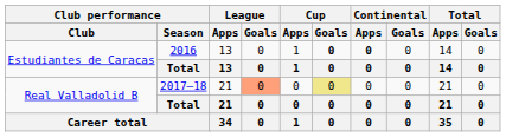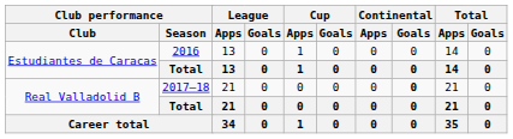 <table class="wikitable" style="text-align:center">
 <tr>
 <th colspan=3>Club performance</th>
 <th colspan=2>League</th>
 <th colspan=2>Cup</th>
 <th colspan=2>Continental</th>
 <th colspan=2>Total</th>
 </tr>
 <tr>
 <th>Club</th>
 <th colspan="2">Season</th>
 <th>Apps</th>
 <th>Goals</th>
 <th>Apps</th>
 <th>Goals</th>
 <th>Apps</th>
 <th>Goals</th>
 <th>Apps</th>
 <th>Goals</th>
 </tr>
 <tr>
 <td rowspan="2"><a href='#'>Estudiantes de Caracas</a></td>
 <td colspan="2"><a href='#'>2016</a></td>
 <td>13</td>
 <td>0</td>
 <td>1</td>
-<td><strong>0</strong></td>
-<td><strong>0</strong></td>
+<td>0</td>
+<td>0</td>
 <td>0</td>
 <td>14</td>
 <td>0</td>
 </tr>
 <tr>
 <th colspan="2">Total</th>
 <th>13</th>
 <th>0</th>
 <th>1</th>
 <th>0</th>
 <th>0</th>
 <th>0</th>
 <th>14</th>
 <th>0</th>
 </tr>
 <tr>
 <td rowspan="2"><a href='#'>Real Valladolid B</a></td>
 <td colspan="2"><a href='#'>2017–18</a></td>
 <td>21</td>
-<td style="background: lightsalmon;">0</td>
-<td>0</td>
-<td style="background: khaki;">0</td>
 <td>0</td>
 <td>0</td>
+<td>0</td>
+<td>0</td>
+<td><strong>0</strong></td>
 <td>21</td>
 <td>0</td>
 </tr>
 <tr>
 <th colspan="2">Total</th>
 <th>21</th>
 <th>0</th>
 <th>0</th>
 <th>0</th>
 <th>0</th>
 <th>0</th>
 <th>21</th>
 <th>0</th>
 </tr>
 <tr>
 <th colspan=3>Career total</th>
 <th>34</th>
 <th>0</th>
 <th>1</th>
 <th>0</th>
 <th>0</th>
 <th>0</th>
 <th>35</th>
 <th>0</th>
 </tr>
 </table>
